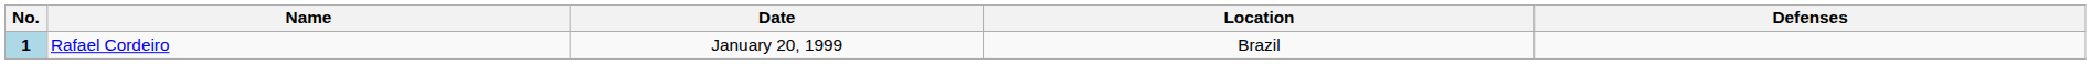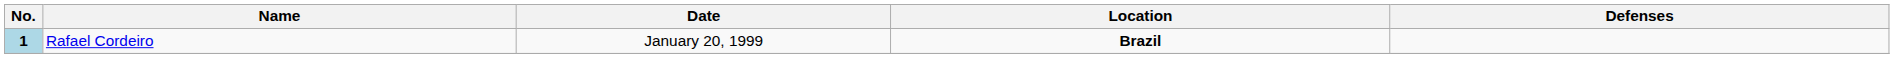 <table class="wikitable"  style="width:99%; text-align:center;">
 <tr>
 <th style="width:1%;">No.</th>
 <th style="width:19%;">Name</th>
 <th style="width:15%;">Date</th>
 <th style="width:20%;">Location</th>
 <th style="width:20%;">Defenses</th>
 </tr>
 <tr>
 <td align=center style="background: lightblue;"><strong>1</strong></td>
 <td align="left"> <a href='#'>Rafael Cordeiro</a><br></td>
 <td>January 20, 1999<br></td>
-<td>Brazil</td>
+<td><strong>Brazil</strong></td>
 <td></td>
 </tr>
 <tr>
 </tr>
 </table>
